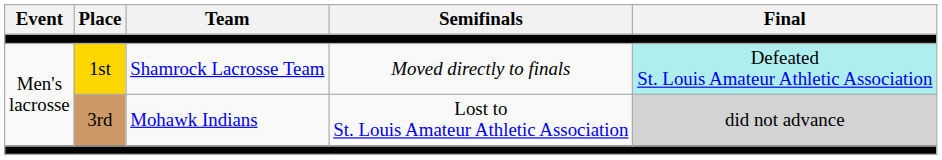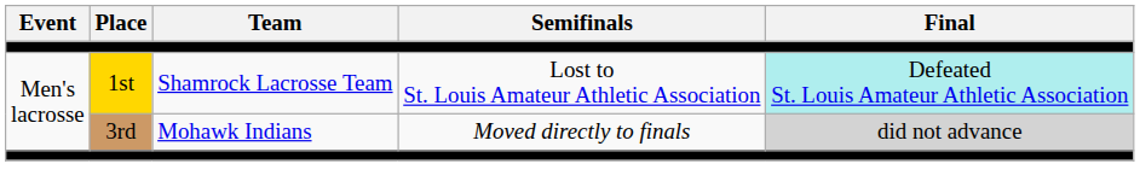 <table class=wikitable>
 <tr>
 <th>Event</th>
 <th>Place</th>
 <th>Team</th>
 <th>Semifinals</th>
 <th>Final</th>
 </tr>
 <tr bgcolor=black>
 <td colspan=5></td>
 </tr>
 <tr align=center>
 <td rowspan=2>Men's <br> lacrosse</td>
 <td bgcolor=gold>1st</td>
 <td align=left><a href='#'>Shamrock Lacrosse Team</a></td>
-<td><em>Moved directly to finals </em></td>
+<td>Lost to  <br> <a href='#'>St. Louis Amateur Athletic Association</a></td>
 <td style="background: paleturquoise;">Defeated  <br> <a href='#'>St. Louis Amateur Athletic Association</a></td>
 </tr>
 <tr align=center>
 <td bgcolor=cc9966>3rd</td>
 <td align=left><a href='#'>Mohawk Indians</a></td>
-<td>Lost to  <br> <a href='#'>St. Louis Amateur Athletic Association</a></td>
+<td><em>Moved directly to finals </em></td>
 <td bgcolor=lightgray>did not advance</td>
 </tr>
 <tr bgcolor=black>
 <td colspan=5></td>
 </tr>
 </table>
